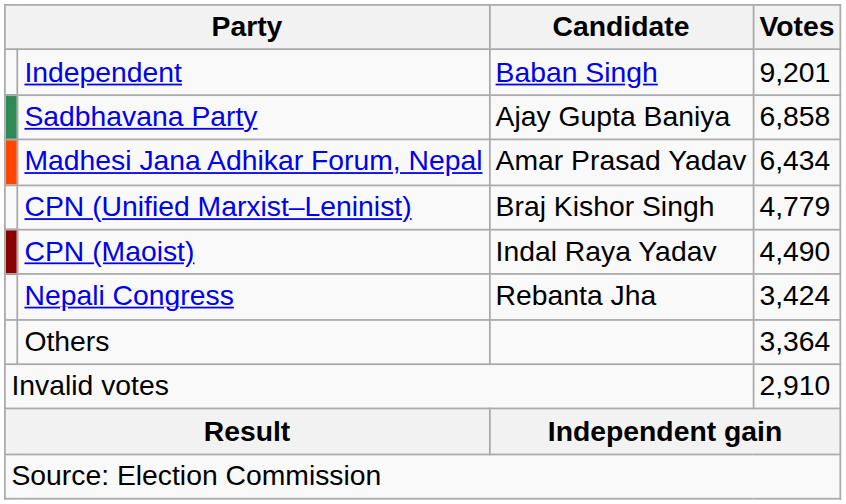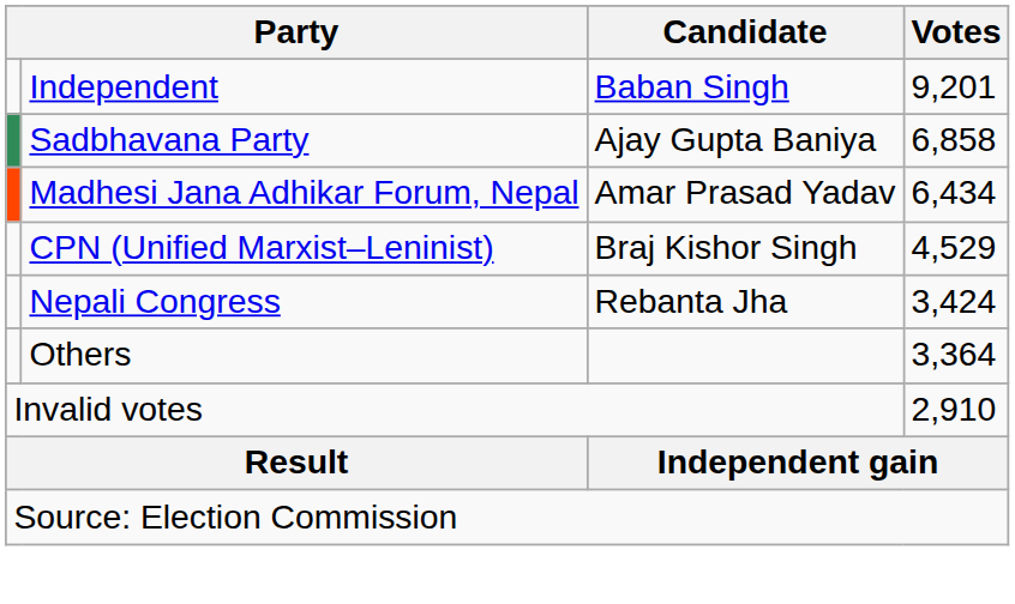 <table class="wikitable">
 <tr>
 <th colspan="2">Party</th>
 <th>Candidate</th>
 <th>Votes</th>
 </tr>
 <tr>
 <td style="background-color:"></td>
 <td><a href='#'>Independent</a></td>
 <td><a href='#'>Baban Singh</a></td>
 <td>9,201</td>
 </tr>
 <tr>
 <td style="background-color:seagreen"></td>
 <td><a href='#'>Sadbhavana Party</a></td>
 <td>Ajay Gupta Baniya</td>
 <td>6,858</td>
 </tr>
 <tr>
 <td style="background-color:orangered"></td>
 <td><a href='#'>Madhesi Jana Adhikar Forum, Nepal</a></td>
 <td>Amar Prasad Yadav</td>
 <td>6,434</td>
 </tr>
 <tr>
 <td style="background-color:"></td>
 <td><a href='#'>CPN (Unified Marxist–Leninist)</a></td>
 <td>Braj Kishor Singh</td>
-<td>4,779</td>
-</tr>
-<tr>
-<td style="background-color:darkred"></td>
-<td><a href='#'>CPN (Maoist)</a></td>
-<td>Indal Raya Yadav</td>
-<td>4,490</td>
+<td>4,529</td>
 </tr>
 <tr>
 <td style="background-color:"></td>
 <td><a href='#'>Nepali Congress</a></td>
 <td>Rebanta Jha</td>
 <td>3,424</td>
 </tr>
 <tr>
 <td></td>
 <td>Others</td>
 <td></td>
 <td>3,364</td>
 </tr>
 <tr>
 <td colspan="3">Invalid votes</td>
 <td>2,910</td>
 </tr>
 <tr>
 <th colspan="2">Result</th>
 <th colspan="2">Independent gain</th>
 </tr>
 <tr>
 <td colspan="4">Source: Election Commission</td>
 </tr>
 </table>
